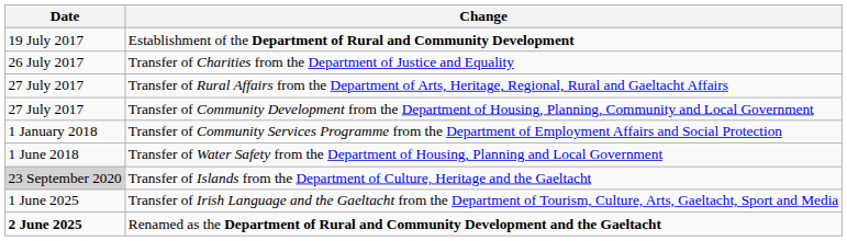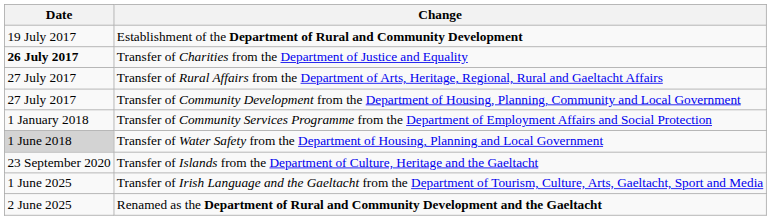 <table class="wikitable">
 <tr>
 <th>Date</th>
 <th>Change</th>
 </tr>
 <tr>
 <td>19 July 2017</td>
 <td>Establishment of the <strong>Department of Rural and Community Development</strong></td>
 </tr>
 <tr>
-<td>26 July 2017</td>
+<td><strong>26 July 2017</strong></td>
 <td>Transfer of <em>Charities</em> from the <a href='#'>Department of Justice and Equality</a></td>
 </tr>
 <tr>
 <td>27 July 2017</td>
 <td>Transfer of <em>Rural Affairs</em> from the <a href='#'>Department of Arts, Heritage, Regional, Rural and Gaeltacht Affairs</a></td>
 </tr>
 <tr>
 <td>27 July 2017</td>
 <td>Transfer of <em>Community Development</em> from the <a href='#'>Department of Housing, Planning, Community and Local Government</a></td>
 </tr>
 <tr>
 <td>1 January 2018</td>
 <td>Transfer of <em>Community Services Programme</em> from the <a href='#'>Department of Employment Affairs and Social Protection</a></td>
 </tr>
 <tr>
-<td>1 June 2018</td>
+<td style="background: lightgrey;">1 June 2018</td>
 <td>Transfer of <em>Water Safety</em> from the <a href='#'>Department of Housing, Planning and Local Government</a></td>
 </tr>
 <tr>
-<td style="background: lightgrey;">23 September 2020</td>
+<td>23 September 2020</td>
 <td>Transfer of <em>Islands</em> from the <a href='#'>Department of Culture, Heritage and the Gaeltacht</a></td>
 </tr>
 <tr>
 <td>1 June 2025</td>
 <td>Transfer of <em>Irish Language and the Gaeltacht</em> from the <a href='#'>Department of Tourism, Culture, Arts, Gaeltacht, Sport and Media</a></td>
 </tr>
 <tr>
-<td><strong>2 June 2025</strong></td>
+<td>2 June 2025</td>
 <td>Renamed as the <strong>Department of Rural and Community Development and the Gaeltacht</strong></td>
 </tr>
 </table>
